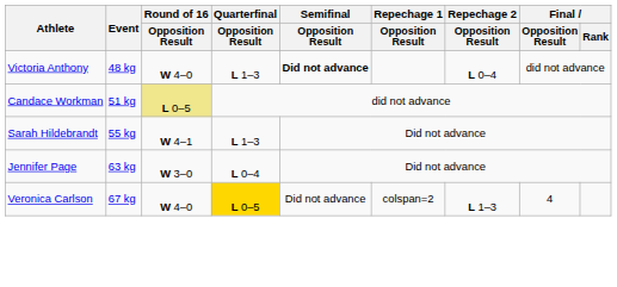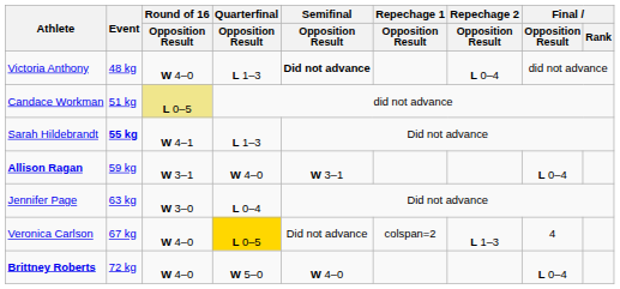 <table class="wikitable" style="font-size:90%;">
 <tr>
 <th rowspan=2>Athlete</th>
 <th rowspan=2>Event</th>
 <th>Round of 16</th>
 <th>Quarterfinal</th>
 <th>Semifinal</th>
 <th>Repechage 1</th>
 <th>Repechage 2</th>
 <th colspan=2>Final / </th>
 </tr>
 <tr style="font-size: 95%">
 <th>Opposition<br>Result</th>
 <th>Opposition<br>Result</th>
 <th>Opposition<br>Result</th>
 <th>Opposition<br>Result</th>
 <th>Opposition<br>Result</th>
 <th>Opposition<br>Result</th>
 <th>Rank</th>
 </tr>
 <tr align=center>
 <td align=left><a href='#'>Victoria Anthony</a></td>
 <td align=left><a href='#'>48 kg</a></td>
 <td><br><strong>W</strong> 4–0 <sup></sup></td>
 <td><br><strong>L</strong> 1–3 <sup></sup></td>
 <td><strong>Did not advance</strong></td>
 <td></td>
 <td><br><strong>L</strong> 0–4 <sup></sup></td>
 <td colspan=2>did not advance</td>
 </tr>
 <tr align=center>
 <td align=left><a href='#'>Candace Workman</a></td>
 <td align=left><a href='#'>51 kg</a></td>
 <td style="background: khaki;"><br><strong>L</strong> 0–5 <sup></sup></td>
 <td colspan=6>did not advance</td>
 </tr>
 <tr align=center>
 <td align=left><a href='#'>Sarah Hildebrandt</a></td>
-<td align=left><a href='#'>55 kg</a></td>
+<td align=left><strong><a href='#'>55 kg</a></strong></td>
 <td><br><strong>W</strong> 4–1 <sup></sup></td>
 <td><br><strong>L</strong> 1–3 <sup></sup></td>
 <td colspan=5 align=center>Did not advance</td>
+</tr>
+<tr align=center>
+<td align=left><strong><a href='#'>Allison Ragan</a></strong></td>
+<td align=left><a href='#'>59 kg</a></td>
+<td><br><strong>W</strong> 3–1 <sup></sup></td>
+<td><br><strong>W</strong> 4–0 <sup></sup></td>
+<td><br><strong>W</strong> 3–1 <sup></sup></td>
+<td></td>
+<td></td>
+<td><br><strong>L</strong> 0–4 <sup></sup></td>
+<td></td>
 </tr>
 <tr align=center>
 <td align=left><a href='#'>Jennifer Page</a></td>
 <td align=left><a href='#'>63 kg</a></td>
 <td><br><strong>W</strong> 3–0 <sup></sup></td>
 <td><br><strong>L</strong> 0–4 <sup></sup></td>
 <td colspan=5 align=center>Did not advance</td>
 </tr>
 <tr align=center>
 <td align=left><a href='#'>Veronica Carlson</a></td>
 <td align=left><a href='#'>67 kg</a></td>
 <td><br><strong>W</strong> 4–0 <sup></sup></td>
 <td style="background: gold;"><br><strong>L</strong> 0–5 <sup></sup></td>
 <td>Did not advance</td>
 <td>colspan=2 </td>
 <td><br><strong>L</strong> 1–3 <sup></sup></td>
 <td>4</td>
 </tr>
+<tr align=center>
+<td align=left><strong><a href='#'>Brittney Roberts</a></strong></td>
+<td align=left><a href='#'>72 kg</a></td>
+<td><br><strong>W</strong> 4–0 <sup></sup></td>
+<td><br><strong>W</strong> 5–0 <sup></sup></td>
+<td><br><strong>W</strong> 4–0 <sup></sup></td>
+<td></td>
+<td></td>
+<td><br><strong>L</strong> 0–4 <sup></sup></td>
+<td></td>
+</tr>
 </table>
